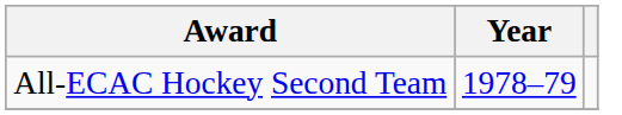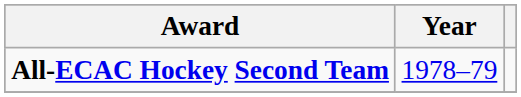 <table class="wikitable">
 <tr>
 <th>Award</th>
 <th>Year</th>
 <th></th>
 </tr>
 <tr>
-<td>All-<a href='#'>ECAC Hockey</a> <a href='#'>Second Team</a></td>
+<td><strong>All-<a href='#'>ECAC Hockey</a> <a href='#'>Second Team</a></strong></td>
 <td><a href='#'>1978–79</a></td>
 <td></td>
 </tr>
 <tr>
 </tr>
 </table>
